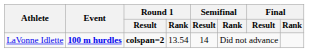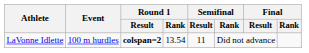 <table class=wikitable style="font-size:90%">
 <tr>
 <th rowspan="2">Athlete</th>
 <th rowspan="2">Event</th>
 <th colspan="2">Round 1</th>
 <th colspan="2">Semifinal</th>
 <th colspan="2">Final</th>
 </tr>
 <tr style="font-size:95%">
 <th>Result</th>
 <th>Rank</th>
 <th>Result</th>
 <th>Rank</th>
 <th>Result</th>
 <th>Rank</th>
 </tr>
 <tr align=center>
 <td align=left><a href='#'>LaVonne Idlette</a></td>
-<td align=left><strong><a href='#'>100 m hurdles</a></strong></td>
+<td align=left><a href='#'>100 m hurdles</a></td>
 <td><strong>colspan=2 </strong></td>
 <td>13.54</td>
-<td>14</td>
+<td>11</td>
 <td colspan=2>Did not advance</td>
 </tr>
 </table>
